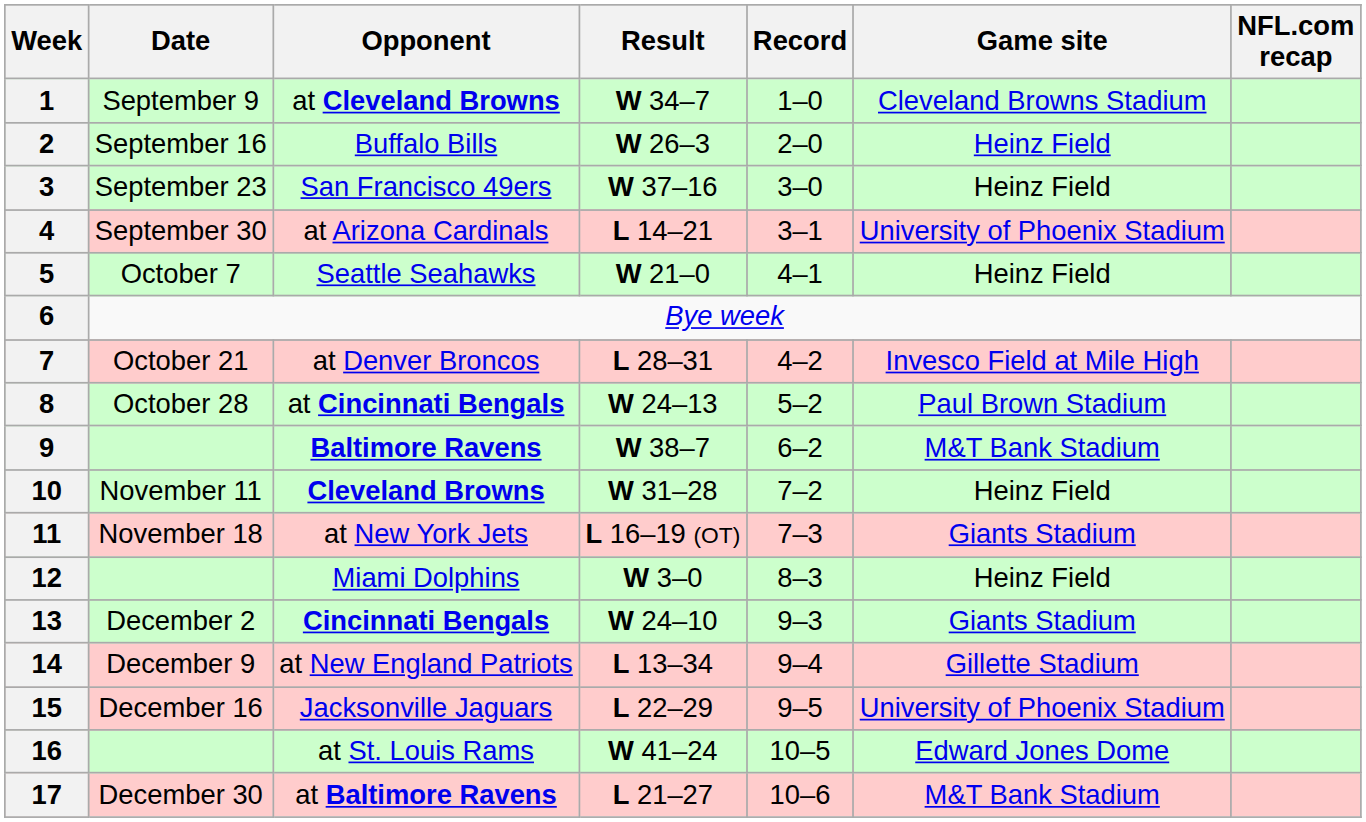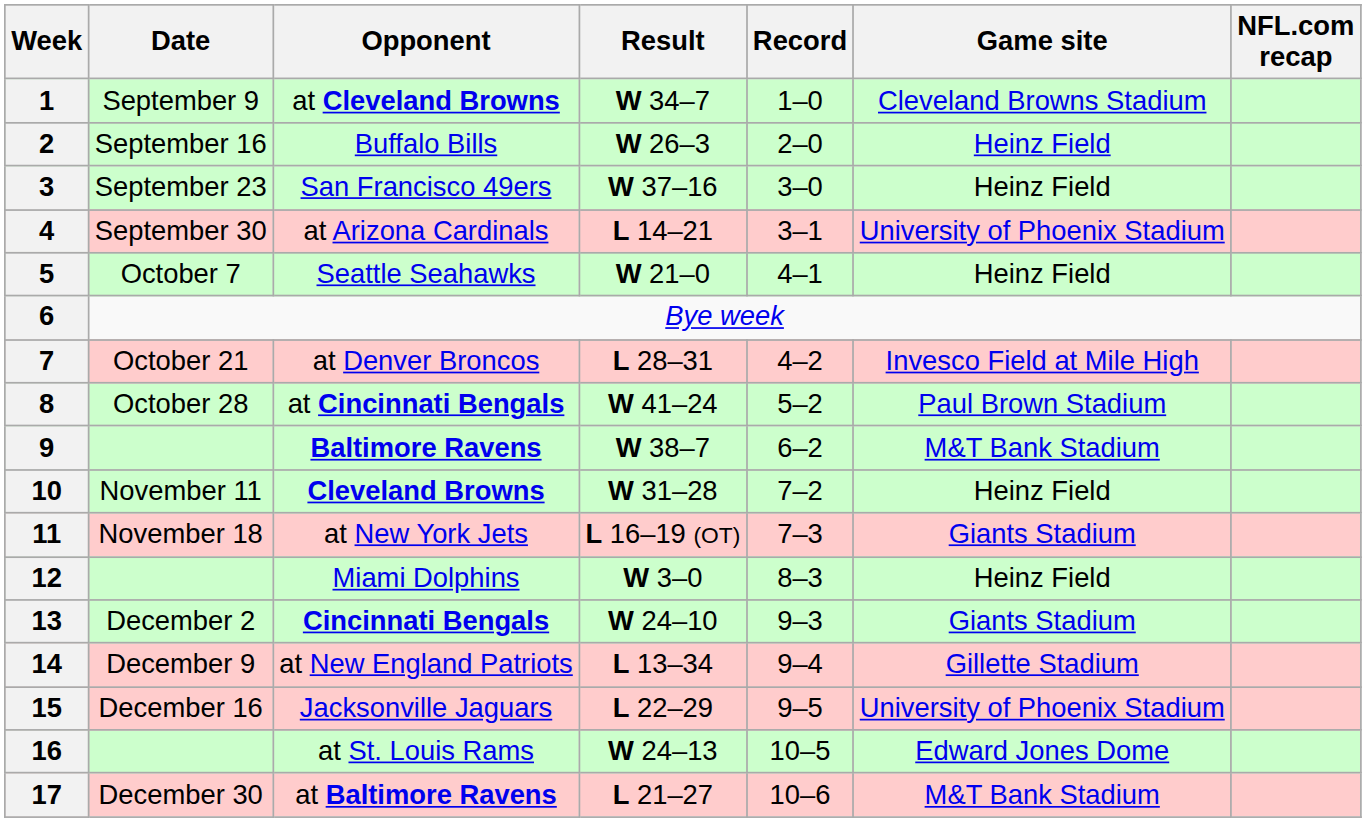 <table class="wikitable" style="text-align:center">
 <tr>
 <th>Week</th>
 <th>Date</th>
 <th>Opponent</th>
 <th>Result</th>
 <th>Record</th>
 <th>Game site</th>
 <th>NFL.com<br>recap</th>
 </tr>
 <tr style="background: #cfc;">
 <th>1</th>
 <td>September 9</td>
 <td>at <strong><a href='#'>Cleveland Browns</a></strong></td>
 <td><strong>W</strong> 34–7</td>
 <td>1–0</td>
 <td><a href='#'>Cleveland Browns Stadium</a></td>
 <td></td>
 </tr>
 <tr style="background: #cfc;">
 <th>2</th>
 <td>September 16</td>
 <td><a href='#'>Buffalo Bills</a></td>
 <td><strong>W</strong> 26–3</td>
 <td>2–0</td>
 <td><a href='#'>Heinz Field</a></td>
 <td></td>
 </tr>
 <tr style="background: #cfc;">
 <th>3</th>
 <td>September 23</td>
 <td><a href='#'>San Francisco 49ers</a></td>
 <td><strong>W</strong> 37–16</td>
 <td>3–0</td>
 <td>Heinz Field</td>
 <td></td>
 </tr>
 <tr style="background:#fcc;">
 <th>4</th>
 <td>September 30</td>
 <td>at <a href='#'>Arizona Cardinals</a></td>
 <td><strong>L</strong> 14–21</td>
 <td>3–1</td>
 <td><a href='#'>University of Phoenix Stadium</a></td>
 <td></td>
 </tr>
 <tr style="background: #cfc;">
 <th>5</th>
 <td>October 7</td>
 <td><a href='#'>Seattle Seahawks</a></td>
 <td><strong>W</strong> 21–0</td>
 <td>4–1</td>
 <td>Heinz Field</td>
 <td></td>
 </tr>
 <tr>
 <th>6</th>
 <td colspan="9" align="center"><em><a href='#'>Bye week</a></em></td>
 </tr>
 <tr style="background:#fcc;">
 <th>7</th>
 <td>October 21</td>
 <td>at <a href='#'>Denver Broncos</a></td>
 <td><strong>L</strong> 28–31</td>
 <td>4–2</td>
 <td><a href='#'>Invesco Field at Mile High</a></td>
 <td></td>
 </tr>
 <tr style="background: #cfc;">
 <th>8</th>
 <td>October 28</td>
 <td>at <strong><a href='#'>Cincinnati Bengals</a></strong></td>
-<td><strong>W</strong> 24–13</td>
+<td><strong>W</strong> 41–24</td>
 <td>5–2</td>
 <td><a href='#'>Paul Brown Stadium</a></td>
 <td></td>
 </tr>
 <tr style="background: #cfc;">
 <th>9</th>
 <td></td>
 <td><strong><a href='#'>Baltimore Ravens</a></strong></td>
 <td><strong>W</strong> 38–7</td>
 <td>6–2</td>
 <td><a href='#'>M&T Bank Stadium</a></td>
 <td></td>
 </tr>
 <tr style="background: #cfc;">
 <th>10</th>
 <td>November 11</td>
 <td><strong><a href='#'>Cleveland Browns</a></strong></td>
 <td><strong>W</strong> 31–28</td>
 <td>7–2</td>
 <td>Heinz Field</td>
 <td></td>
 </tr>
 <tr style="background:#fcc;">
 <th>11</th>
 <td>November 18</td>
 <td>at <a href='#'>New York Jets</a></td>
 <td><strong>L</strong> 16–19 <small>(OT)</small></td>
 <td>7–3</td>
 <td><a href='#'>Giants Stadium</a></td>
 <td></td>
 </tr>
 <tr style="background: #cfc;">
 <th>12</th>
 <td></td>
 <td><a href='#'>Miami Dolphins</a></td>
 <td><strong>W</strong> 3–0</td>
 <td>8–3</td>
 <td>Heinz Field</td>
 <td></td>
 </tr>
 <tr style="background: #cfc;">
 <th>13</th>
 <td>December 2</td>
 <td><strong><a href='#'>Cincinnati Bengals</a></strong></td>
 <td><strong>W</strong> 24–10</td>
 <td>9–3</td>
 <td><a href='#'>Giants Stadium</a></td>
 <td></td>
 </tr>
 <tr style="background:#fcc;">
 <th>14</th>
 <td>December 9</td>
 <td>at <a href='#'>New England Patriots</a></td>
 <td><strong>L</strong> 13–34</td>
 <td>9–4</td>
 <td><a href='#'>Gillette Stadium</a></td>
 <td></td>
 </tr>
 <tr style="background:#fcc;">
 <th>15</th>
 <td>December 16</td>
 <td><a href='#'>Jacksonville Jaguars</a></td>
 <td><strong>L</strong> 22–29</td>
 <td>9–5</td>
 <td><a href='#'>University of Phoenix Stadium</a></td>
 <td></td>
 </tr>
 <tr style="background: #cfc;">
 <th>16</th>
 <td></td>
 <td>at <a href='#'>St. Louis Rams</a></td>
-<td><strong>W</strong> 41–24</td>
+<td><strong>W</strong> 24–13</td>
 <td>10–5</td>
 <td><a href='#'>Edward Jones Dome</a></td>
 <td></td>
 </tr>
 <tr style="background:#fcc;">
 <th>17</th>
 <td>December 30</td>
 <td>at <strong><a href='#'>Baltimore Ravens</a></strong></td>
 <td><strong>L</strong> 21–27</td>
 <td>10–6</td>
 <td><a href='#'>M&T Bank Stadium</a></td>
 <td></td>
 </tr>
 </table>
